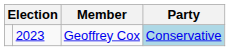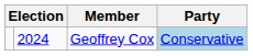 <table class="wikitable">
 <tr>
 <th colspan="2">Election</th>
 <th>Member</th>
 <th>Party</th>
 </tr>
 <tr>
 <td style="color:inherit;background-color: "></td>
-<td><a href='#'>2023</a></td>
+<td><a href='#'>2024</a></td>
 <td><a href='#'>Geoffrey Cox</a></td>
 <td style="background: lightblue;"><a href='#'>Conservative</a></td>
 </tr>
 </table>
